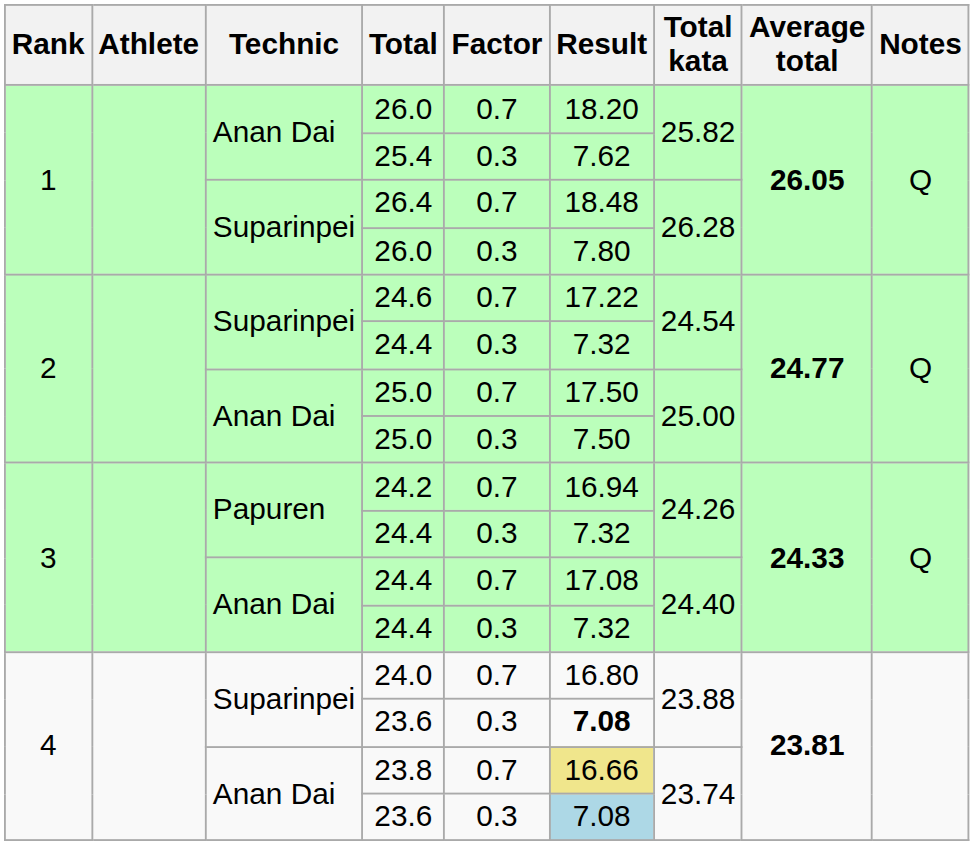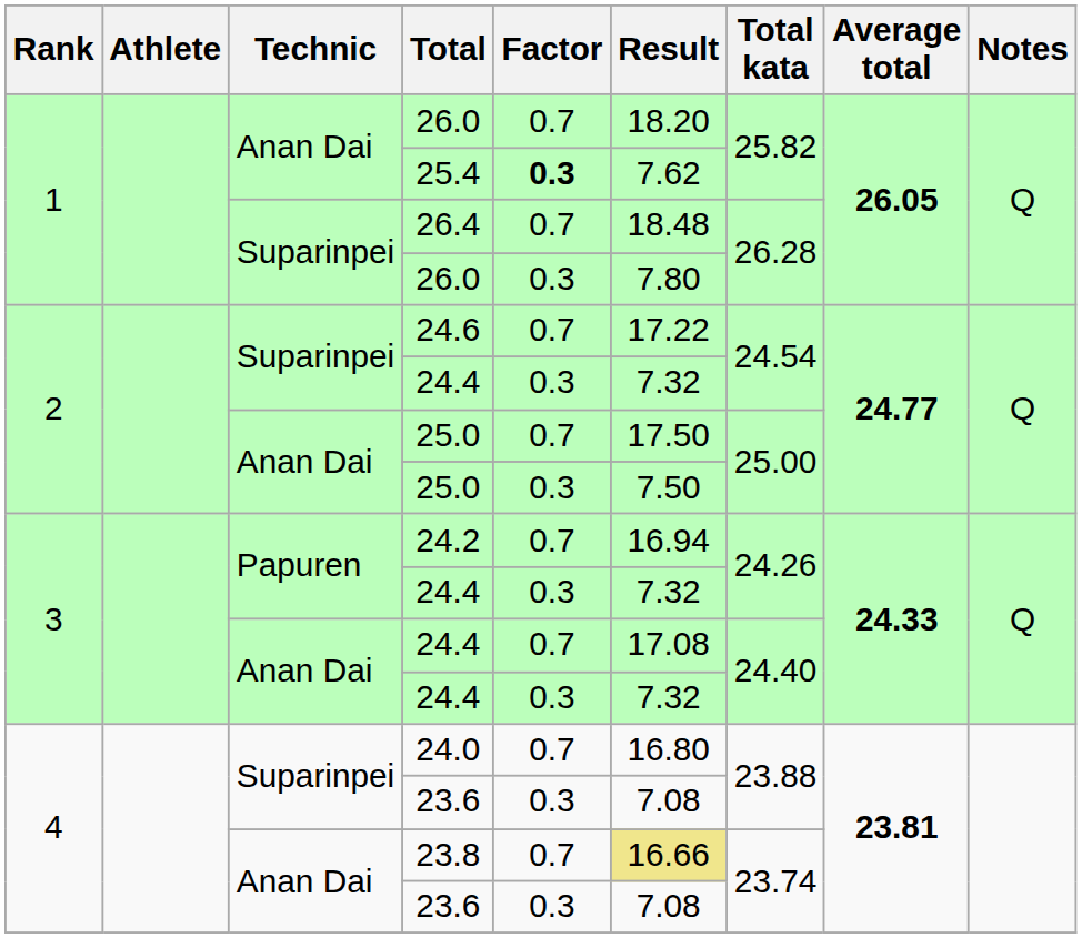 <table class="wikitable" style="text-align:center">
 <tr>
 <th>Rank</th>
 <th>Athlete</th>
 <th>Technic</th>
 <th>Total</th>
 <th>Factor</th>
 <th>Result</th>
 <th>Total<br>kata</th>
 <th>Average<br>total</th>
 <th>Notes</th>
 </tr>
 <tr bgcolor=bbffbb>
 <td rowspan=4>1</td>
 <td rowspan=4 align=left></td>
 <td rowspan=2 align=left>Anan Dai</td>
 <td>26.0</td>
 <td>0.7</td>
 <td>18.20</td>
 <td rowspan=2>25.82</td>
 <td rowspan=4><strong>26.05</strong></td>
 <td rowspan=4>Q</td>
 </tr>
 <tr bgcolor=bbffbb>
 <td>25.4</td>
-<td>0.3</td>
+<td><strong>0.3</strong></td>
 <td>7.62</td>
 </tr>
 <tr bgcolor=bbffbb>
 <td rowspan=2 align=left>Suparinpei</td>
 <td>26.4</td>
 <td>0.7</td>
 <td>18.48</td>
 <td rowspan=2>26.28</td>
 </tr>
 <tr bgcolor=bbffbb>
 <td>26.0</td>
 <td>0.3</td>
 <td>7.80</td>
 </tr>
 <tr bgcolor=bbffbb>
 <td rowspan=4>2</td>
 <td rowspan=4 align=left></td>
 <td rowspan=2 align=left>Suparinpei</td>
 <td>24.6</td>
 <td>0.7</td>
 <td>17.22</td>
 <td rowspan=2>24.54</td>
 <td rowspan=4><strong>24.77</strong></td>
 <td rowspan=4>Q</td>
 </tr>
 <tr bgcolor=bbffbb>
 <td>24.4</td>
 <td>0.3</td>
 <td>7.32</td>
 </tr>
 <tr bgcolor=bbffbb>
 <td rowspan=2 align=left>Anan Dai</td>
 <td>25.0</td>
 <td>0.7</td>
 <td>17.50</td>
 <td rowspan=2>25.00</td>
 </tr>
 <tr bgcolor=bbffbb>
 <td>25.0</td>
 <td>0.3</td>
 <td>7.50</td>
 </tr>
 <tr bgcolor=bbffbb>
 <td rowspan=4>3</td>
 <td rowspan=4 align=left></td>
 <td rowspan=2 align=left>Papuren</td>
 <td>24.2</td>
 <td>0.7</td>
 <td>16.94</td>
 <td rowspan=2>24.26</td>
 <td rowspan=4><strong>24.33</strong></td>
 <td rowspan=4>Q</td>
 </tr>
 <tr bgcolor=bbffbb>
 <td>24.4</td>
 <td>0.3</td>
 <td>7.32</td>
 </tr>
 <tr bgcolor=bbffbb>
 <td rowspan=2 align=left>Anan Dai</td>
 <td>24.4</td>
 <td>0.7</td>
 <td>17.08</td>
 <td rowspan=2>24.40</td>
 </tr>
 <tr bgcolor=bbffbb>
 <td>24.4</td>
 <td>0.3</td>
 <td>7.32</td>
 </tr>
 <tr>
 <td rowspan=4>4</td>
 <td rowspan=4 align=left></td>
 <td rowspan=2 align=left>Suparinpei</td>
 <td>24.0</td>
 <td>0.7</td>
 <td>16.80</td>
 <td rowspan=2>23.88</td>
 <td rowspan=4><strong>23.81</strong></td>
 <td rowspan=4></td>
 </tr>
 <tr>
 <td>23.6</td>
 <td>0.3</td>
-<td><strong>7.08</strong></td>
+<td>7.08</td>
 </tr>
 <tr>
 <td rowspan=2 align=left>Anan Dai</td>
 <td>23.8</td>
 <td>0.7</td>
 <td style="background: khaki;">16.66</td>
 <td rowspan=2>23.74</td>
 </tr>
 <tr>
 <td>23.6</td>
 <td>0.3</td>
-<td style="background: lightblue;">7.08</td>
+<td>7.08</td>
 </tr>
 </table>
